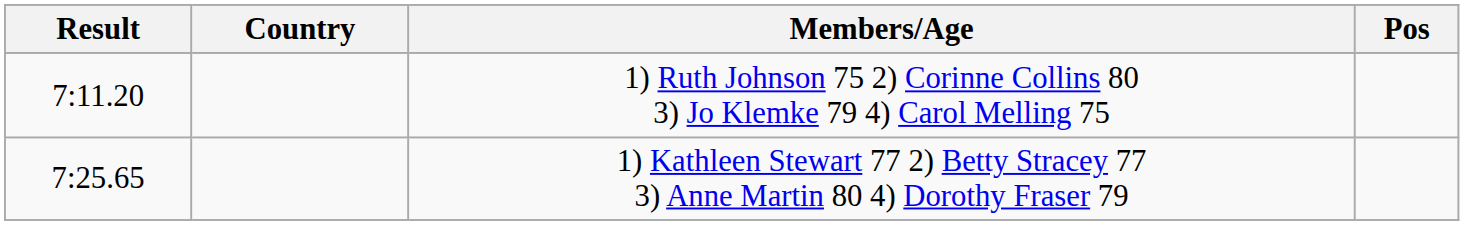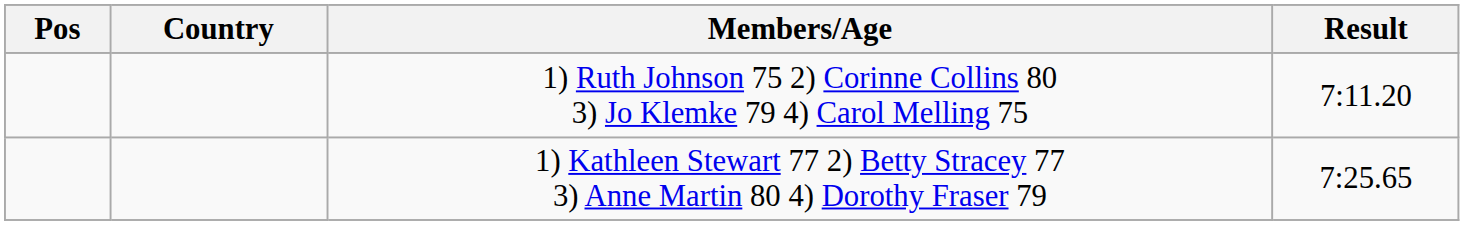 <table class="wikitable"  style="text-align:center; width:60%;">
 <tr>
-<th>Result</th>
+<th>Pos</th>
 <th>Country</th>
 <th>Members/Age</th>
-<th>Pos</th>
+<th>Result</th>
 </tr>
 <tr>
-<td>7:11.20</td>
+<td align=center></td>
 <td align=left></td>
 <td>1) <a href='#'>Ruth Johnson</a> 75 2) <a href='#'>Corinne Collins</a> 80<br>3) <a href='#'>Jo Klemke</a> 79 4) <a href='#'>Carol Melling</a> 75</td>
-<td align=center></td>
+<td>7:11.20</td>
 </tr>
 <tr>
-<td>7:25.65</td>
+<td align=center></td>
 <td align=left></td>
 <td>1) <a href='#'>Kathleen Stewart</a> 77 2) <a href='#'>Betty Stracey</a> 77<br>3) <a href='#'>Anne Martin</a> 80 4) <a href='#'>Dorothy Fraser</a> 79</td>
-<td align=center></td>
+<td>7:25.65</td>
 </tr>
 </table>
